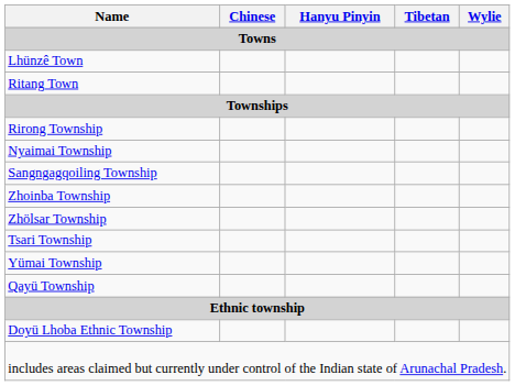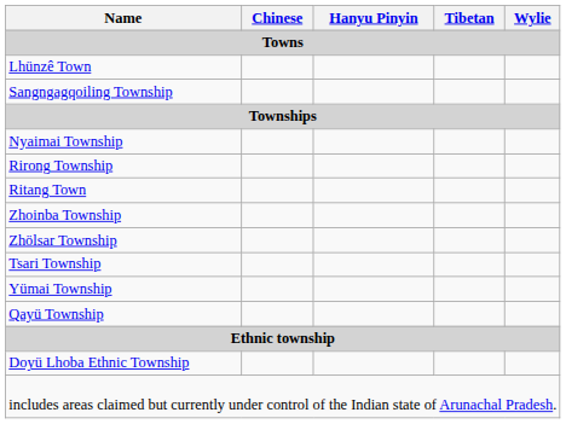 <table class="wikitable"  style="font-size:90%;" align=center>
 <tr>
 <th>Name</th>
 <th><a href='#'>Chinese</a></th>
 <th><a href='#'>Hanyu Pinyin</a></th>
 <th><a href='#'>Tibetan</a></th>
 <th><a href='#'>Wylie</a></th>
 </tr>
 <tr>
 <td colspan="5"  style="text-align:center; background:#d3d3d3;"><strong>Towns</strong></td>
 </tr>
 <tr --------->
 <td><a href='#'>Lhünzê Town</a></td>
 <td></td>
 <td></td>
 <td></td>
 <td></td>
 </tr>
 <tr>
-<td><a href='#'>Ritang Town</a></td>
+<td><a href='#'>Sangngagqoiling Township</a></td>
 <td></td>
 <td></td>
 <td></td>
 <td></td>
 </tr>
 <tr --------->
 <td colspan="5"  style="text-align:center; background:#d3d3d3;"><strong>Townships</strong></td>
-</tr>
-<tr>
-<td><a href='#'>Rirong Township</a></td>
-<td></td>
-<td></td>
-<td></td>
-<td></td>
 </tr>
 <tr --------->
 <td><a href='#'>Nyaimai Township</a></td>
 <td></td>
 <td></td>
 <td></td>
 <td></td>
 </tr>
 <tr>
-<td><a href='#'>Sangngagqoiling Township</a></td>
+<td><a href='#'>Rirong Township</a></td>
+<td></td>
+<td></td>
+<td></td>
+<td></td>
+</tr>
+<tr>
+<td><a href='#'>Ritang Town</a></td>
 <td></td>
 <td></td>
 <td></td>
 <td></td>
 </tr>
 <tr>
 <td><a href='#'>Zhoinba Township</a></td>
 <td></td>
 <td></td>
 <td></td>
 <td></td>
 </tr>
 <tr>
 <td><a href='#'>Zhölsar Township</a></td>
 <td></td>
 <td></td>
 <td></td>
 <td></td>
 </tr>
 <tr>
 <td><a href='#'>Tsari Township</a></td>
 <td></td>
 <td></td>
 <td></td>
 <td></td>
 </tr>
 <tr>
 <td><a href='#'>Yümai Township</a></td>
 <td></td>
 <td></td>
 <td></td>
 <td></td>
 </tr>
 <tr>
 <td><a href='#'>Qayü Township</a></td>
 <td></td>
 <td></td>
 <td></td>
 <td></td>
 </tr>
 <tr --------->
 <td colspan="5"  style="text-align:center; background:#d3d3d3;"><strong>Ethnic township</strong></td>
 </tr>
 <tr --------->
 <td><a href='#'>Doyü Lhoba Ethnic Township</a></td>
 <td></td>
 <td></td>
 <td></td>
 <td></td>
 </tr>
 <tr>
 <td colspan="5"><div><br> includes areas claimed but currently under control of the Indian state of <a href='#'>Arunachal Pradesh</a>. </div></td>
 </tr>
 </table>
